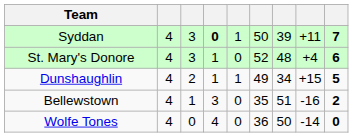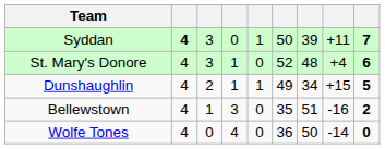 <table class="wikitable" style="text-align:center">
 <tr>
 <th width="175">Team</th>
 <th width="20"></th>
 <th width="20"></th>
 <th width="20"></th>
 <th width="20"></th>
 <th width="20"></th>
 <th width="20"></th>
 <th width="20"></th>
 <th width="20"></th>
 </tr>
 <tr style="background:#cfc;">
 <td>Syddan</td>
-<td>4</td>
+<td><strong>4</strong></td>
 <td>3</td>
-<td><strong>0</strong></td>
+<td>0</td>
 <td>1</td>
 <td>50</td>
 <td>39</td>
 <td>+11</td>
 <td><strong>7</strong></td>
 </tr>
 <tr style="background:#cfc;">
 <td>St. Mary's Donore</td>
 <td>4</td>
 <td>3</td>
 <td>1</td>
 <td>0</td>
 <td>52</td>
 <td>48</td>
 <td>+4</td>
 <td><strong>6</strong></td>
 </tr>
 <tr>
 <td><a href='#'>Dunshaughlin</a></td>
 <td>4</td>
 <td>2</td>
 <td>1</td>
 <td>1</td>
 <td>49</td>
 <td>34</td>
 <td>+15</td>
 <td><strong>5</strong></td>
 </tr>
 <tr>
 <td>Bellewstown</td>
 <td>4</td>
 <td>1</td>
 <td>3</td>
 <td>0</td>
 <td>35</td>
 <td>51</td>
 <td>-16</td>
 <td><strong>2</strong></td>
 </tr>
 <tr>
 <td><a href='#'>Wolfe Tones</a></td>
 <td>4</td>
 <td>0</td>
 <td>4</td>
 <td>0</td>
 <td>36</td>
 <td>50</td>
 <td>-14</td>
 <td><strong>0</strong></td>
 </tr>
 </table>
